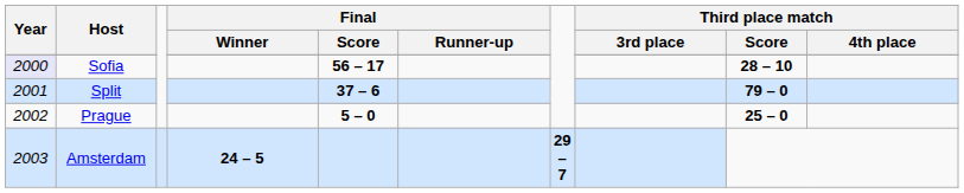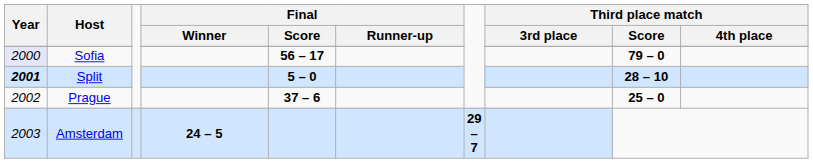 <table class="wikitable" style="font-size:90%; width: 100%; text-align: center;">
 <tr>
 <th rowspan=2 width=5%>Year</th>
 <th rowspan=2 width=10%>Host</th>
 <td width=1% rowspan=6></td>
 <th colspan=3>Final</th>
 <td width=1% rowspan=6></td>
 <th colspan=3>Third place match</th>
 </tr>
 <tr>
 <th width=15%>Winner</th>
 <th width=8%>Score</th>
 <th width=15%>Runner-up</th>
 <th width=15%>3rd place</th>
 <th width=8%>Score</th>
 <th width=15%>4th place</th>
 </tr>
 <tr>
 </tr>
 <tr>
 <td style="background: lavender;"><em>2000</em> </td>
 <td><a href='#'>Sofia</a></td>
 <td></td>
 <td><strong>56 – 17</strong></td>
 <td></td>
 <td></td>
-<td><strong>28 – 10</strong></td>
+<td><strong>79 – 0</strong></td>
 <td></td>
 </tr>
 <tr style="background: #D0E6FF;">
-<td><em>2001</em></td>
+<td><strong><em>2001</em></strong></td>
 <td><a href='#'>Split</a></td>
 <td></td>
-<td><strong>37 – 6</strong></td>
+<td><strong>5 – 0</strong></td>
 <td></td>
 <td></td>
-<td><strong>79 – 0</strong></td>
+<td><strong>28 – 10</strong></td>
 <td></td>
 </tr>
 <tr>
 <td><em>2002</em></td>
 <td><a href='#'>Prague</a></td>
 <td></td>
-<td><strong>5 – 0</strong></td>
+<td><strong>37 – 6</strong></td>
 <td></td>
 <td></td>
 <td><strong>25 – 0</strong></td>
 <td></td>
 </tr>
 <tr style="background: #D0E6FF;">
 <td><em>2003</em></td>
 <td><a href='#'>Amsterdam</a></td>
 <td></td>
 <td><strong>24 – 5</strong></td>
 <td></td>
 <td></td>
 <td><strong>29 – 7</strong></td>
 <td></td>
 </tr>
 </table>
